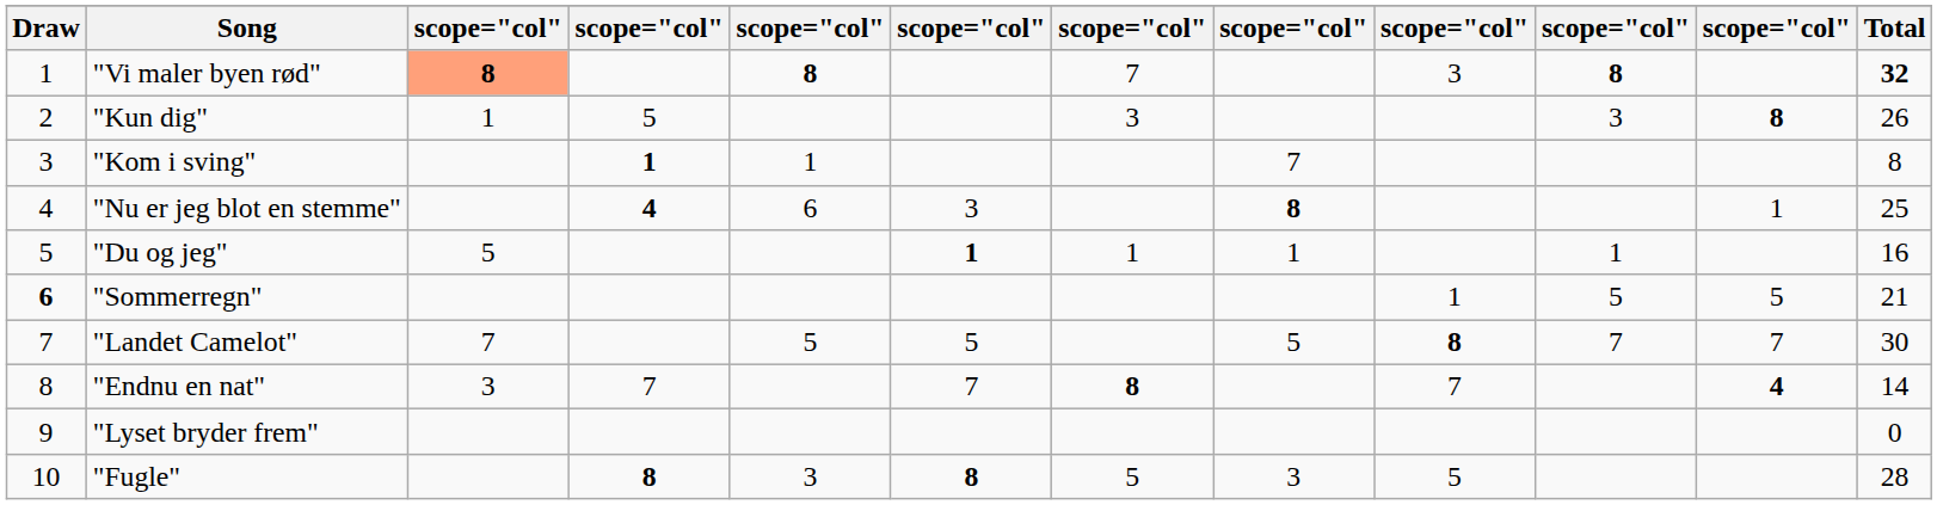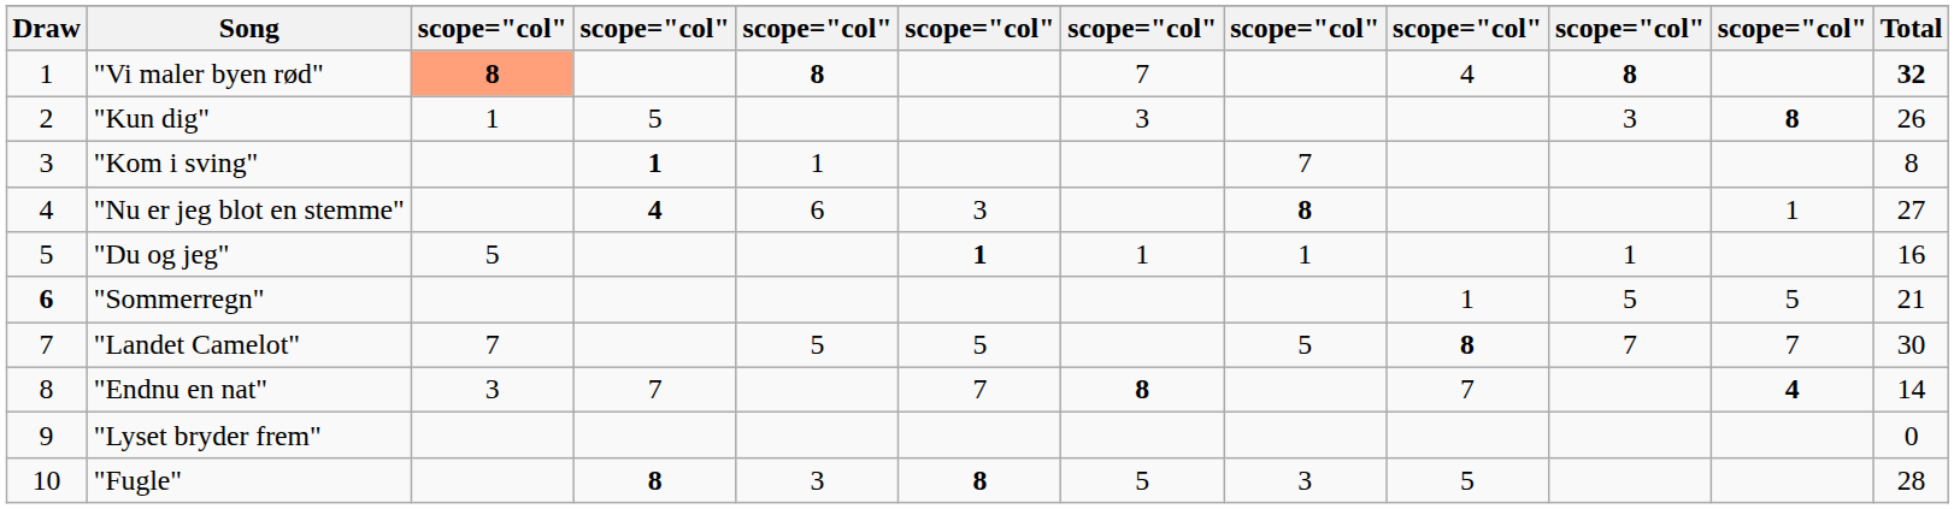 <table class="wikitable plainrowheaders" style="margin: 1em auto 1em auto; text-align:center;">
 <tr>
 </tr>
 <tr>
 <th scope="col">Draw</th>
 <th scope="col">Song</th>
 <th>scope="col" </th>
 <th>scope="col" </th>
 <th>scope="col" </th>
 <th>scope="col" </th>
 <th>scope="col" </th>
 <th>scope="col" </th>
 <th>scope="col" </th>
 <th>scope="col" </th>
 <th>scope="col" </th>
 <th scope="col">Total</th>
 </tr>
 <tr>
 <td>1</td>
 <td align="left">"Vi maler byen rød"</td>
 <td style="background: lightsalmon;"><strong>8</strong></td>
 <td></td>
 <td><strong>8</strong></td>
 <td></td>
 <td>7</td>
 <td></td>
-<td>3</td>
+<td>4</td>
 <td><strong>8</strong></td>
 <td></td>
 <td><strong>32</strong></td>
 </tr>
 <tr ---->
 <td>2</td>
 <td align="left">"Kun dig"</td>
 <td>1</td>
 <td>5</td>
 <td></td>
 <td></td>
 <td>3</td>
 <td></td>
 <td></td>
 <td>3</td>
 <td><strong>8</strong></td>
 <td>26</td>
 </tr>
 <tr ---->
 <td>3</td>
 <td align="left">"Kom i sving"</td>
 <td></td>
 <td><strong>1</strong></td>
 <td>1</td>
 <td></td>
 <td></td>
 <td>7</td>
 <td></td>
 <td></td>
 <td></td>
 <td>8</td>
 </tr>
 <tr ---->
 <td>4</td>
 <td align="left">"Nu er jeg blot en stemme"</td>
 <td></td>
 <td><strong>4</strong></td>
 <td>6</td>
 <td>3</td>
 <td></td>
 <td><strong>8</strong></td>
 <td></td>
 <td></td>
 <td>1</td>
-<td>25</td>
+<td>27</td>
 </tr>
 <tr ---->
 <td>5</td>
 <td align="left">"Du og jeg"</td>
 <td>5</td>
 <td></td>
 <td></td>
 <td><strong>1</strong></td>
 <td>1</td>
 <td>1</td>
 <td></td>
 <td>1</td>
 <td></td>
 <td>16</td>
 </tr>
 <tr ---->
 <td><strong>6</strong></td>
 <td align="left">"Sommerregn"</td>
 <td></td>
 <td></td>
 <td></td>
 <td></td>
 <td></td>
 <td></td>
 <td>1</td>
 <td>5</td>
 <td>5</td>
 <td>21</td>
 </tr>
 <tr ---->
 <td>7</td>
 <td align="left">"Landet Camelot"</td>
 <td>7</td>
 <td></td>
 <td>5</td>
 <td>5</td>
 <td></td>
 <td>5</td>
 <td><strong>8</strong></td>
 <td>7</td>
 <td>7</td>
 <td>30</td>
 </tr>
 <tr ---->
 <td>8</td>
 <td align="left">"Endnu en nat"</td>
 <td>3</td>
 <td>7</td>
 <td></td>
 <td>7</td>
 <td><strong>8</strong></td>
 <td></td>
 <td>7</td>
 <td></td>
 <td><strong>4</strong></td>
 <td>14</td>
 </tr>
 <tr ---->
 <td>9</td>
 <td align="left">"Lyset bryder frem"</td>
 <td></td>
 <td></td>
 <td></td>
 <td></td>
 <td></td>
 <td></td>
 <td></td>
 <td></td>
 <td></td>
 <td>0</td>
 </tr>
 <tr ---->
 <td>10</td>
 <td align="left">"Fugle"</td>
 <td></td>
 <td><strong>8</strong></td>
 <td>3</td>
 <td><strong>8</strong></td>
 <td>5</td>
 <td>3</td>
 <td>5</td>
 <td></td>
 <td></td>
 <td>28</td>
 </tr>
 </table>
